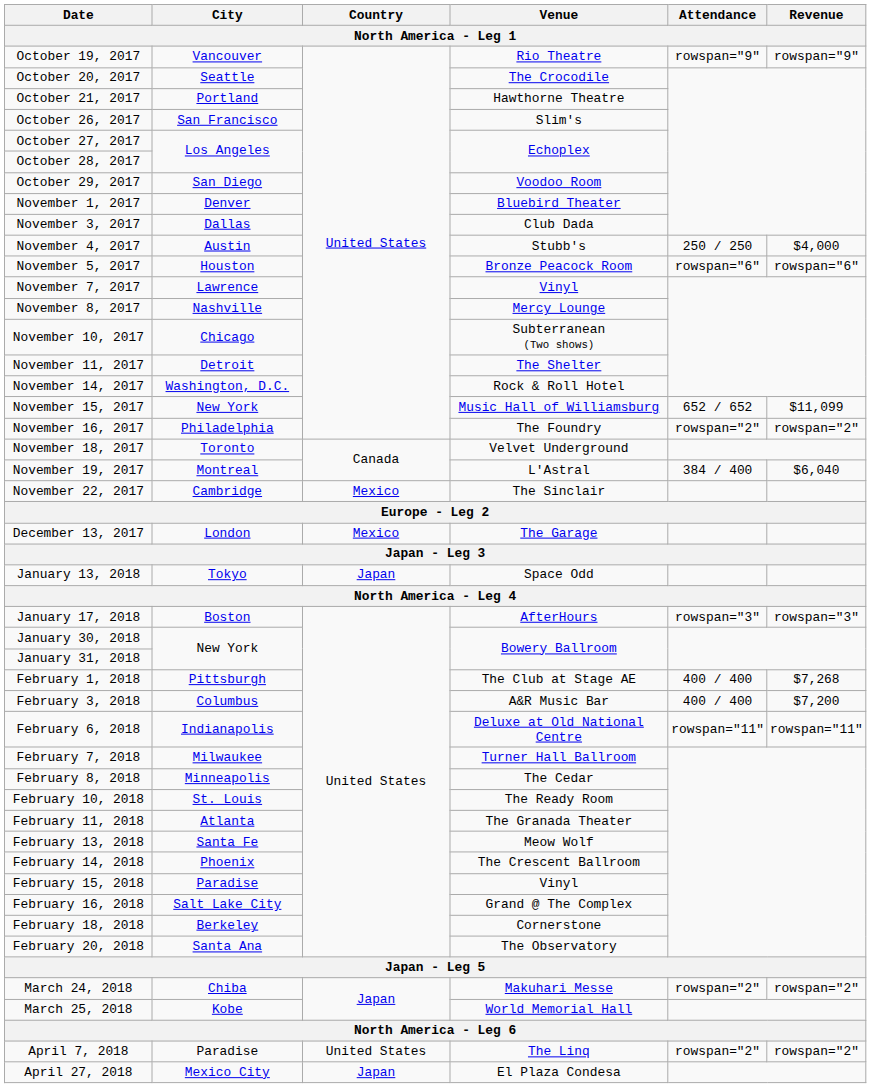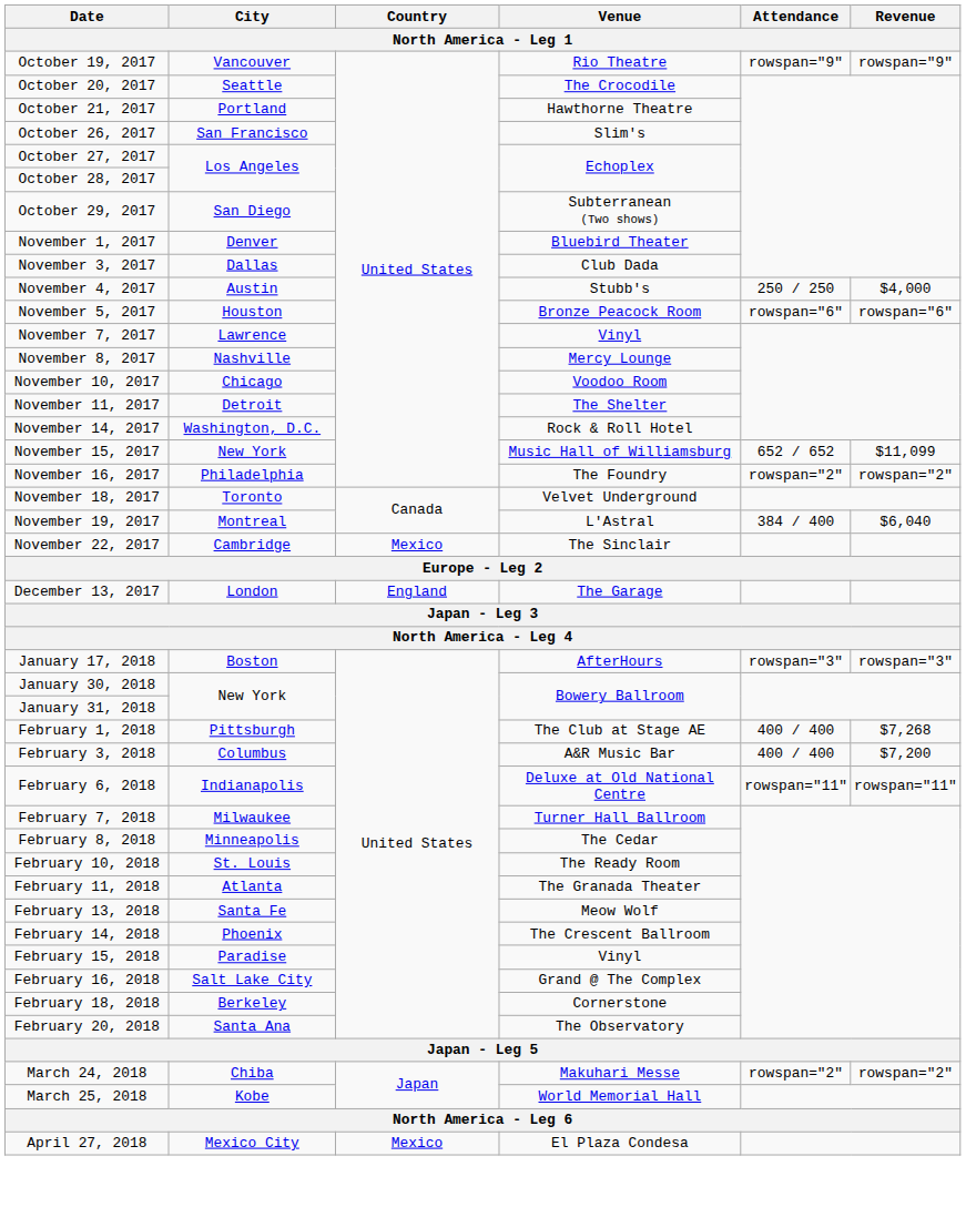 <table class="wikitable" style="text-align:center;">
 <tr>
 <th style="width:150px;">Date</th>
 <th style="width:150px;">City</th>
 <th style="width:150px;">Country</th>
 <th style="width:225px;">Venue</th>
 <th>Attendance</th>
 <th>Revenue</th>
 </tr>
 <tr>
 <th colspan="6">North America - Leg 1</th>
 </tr>
 <tr>
 <td>October 19, 2017</td>
 <td><a href='#'>Vancouver</a></td>
 <td rowspan="18"><a href='#'>United States</a></td>
 <td><a href='#'>Rio Theatre</a></td>
 <td>rowspan="9" </td>
 <td>rowspan="9" </td>
 </tr>
 <tr>
 <td>October 20, 2017</td>
 <td><a href='#'>Seattle</a></td>
 <td><a href='#'>The Crocodile</a></td>
 </tr>
 <tr>
 <td>October 21, 2017</td>
 <td><a href='#'>Portland</a></td>
 <td>Hawthorne Theatre</td>
 </tr>
 <tr>
 <td>October 26, 2017</td>
 <td><a href='#'>San Francisco</a></td>
 <td>Slim's</td>
 </tr>
 <tr>
 <td>October 27, 2017</td>
 <td rowspan="2"><a href='#'>Los Angeles</a></td>
 <td rowspan="2"><a href='#'>Echoplex</a></td>
 </tr>
 <tr>
 <td>October 28, 2017</td>
 </tr>
 <tr>
 <td>October 29, 2017</td>
 <td><a href='#'>San Diego</a></td>
-<td><a href='#'>Voodoo Room</a></td>
+<td>Subterranean<br><small>(Two shows)</small></td>
 </tr>
 <tr>
 <td>November 1, 2017</td>
 <td><a href='#'>Denver</a></td>
 <td><a href='#'>Bluebird Theater</a></td>
 </tr>
 <tr>
 <td>November 3, 2017</td>
 <td><a href='#'>Dallas</a></td>
 <td>Club Dada</td>
 </tr>
 <tr>
 <td>November 4, 2017</td>
 <td><a href='#'>Austin</a></td>
 <td>Stubb's</td>
 <td>250 / 250</td>
 <td>$4,000</td>
 </tr>
 <tr>
 <td>November 5, 2017</td>
 <td><a href='#'>Houston</a></td>
 <td><a href='#'>Bronze Peacock Room</a></td>
 <td>rowspan="6" </td>
 <td>rowspan="6" </td>
 </tr>
 <tr>
 <td>November 7, 2017</td>
 <td><a href='#'>Lawrence</a></td>
 <td><a href='#'>Vinyl</a></td>
 </tr>
 <tr>
 <td>November 8, 2017</td>
 <td><a href='#'>Nashville</a></td>
 <td><a href='#'>Mercy Lounge</a></td>
 </tr>
 <tr>
 <td>November 10, 2017</td>
 <td><a href='#'>Chicago</a></td>
-<td>Subterranean<br><small>(Two shows)</small></td>
+<td><a href='#'>Voodoo Room</a></td>
 </tr>
 <tr>
 <td>November 11, 2017</td>
 <td><a href='#'>Detroit</a></td>
 <td><a href='#'>The Shelter</a></td>
 </tr>
 <tr>
 <td>November 14, 2017</td>
 <td><a href='#'>Washington, D.C.</a></td>
 <td>Rock & Roll Hotel</td>
 </tr>
 <tr>
 <td>November 15, 2017</td>
 <td><a href='#'>New York</a></td>
 <td><a href='#'>Music Hall of Williamsburg</a></td>
 <td>652 / 652</td>
 <td>$11,099</td>
 </tr>
 <tr>
 <td>November 16, 2017</td>
 <td><a href='#'>Philadelphia</a></td>
 <td>The Foundry</td>
 <td>rowspan="2" </td>
 <td>rowspan="2" </td>
 </tr>
 <tr>
 <td>November 18, 2017</td>
 <td><a href='#'>Toronto</a></td>
 <td rowspan="2">Canada</td>
 <td>Velvet Underground</td>
 </tr>
 <tr>
 <td>November 19, 2017</td>
 <td><a href='#'>Montreal</a></td>
 <td>L'Astral</td>
 <td>384 / 400</td>
 <td>$6,040</td>
 </tr>
 <tr>
 <td>November 22, 2017</td>
 <td><a href='#'>Cambridge</a></td>
 <td><a href='#'>Mexico</a></td>
 <td>The Sinclair</td>
 <td></td>
 <td></td>
 </tr>
 <tr>
 <th colspan="6">Europe - Leg 2</th>
 </tr>
 <tr>
 <td>December 13, 2017</td>
 <td><a href='#'>London</a></td>
-<td><a href='#'>Mexico</a></td>
+<td><a href='#'>England</a></td>
 <td><a href='#'>The Garage</a></td>
 <td></td>
 <td></td>
 </tr>
 <tr>
 <th colspan="6">Japan - Leg 3</th>
-</tr>
-<tr>
-<td>January 13, 2018</td>
-<td><a href='#'>Tokyo</a></td>
-<td><a href='#'>Japan</a></td>
-<td>Space Odd</td>
-<td></td>
-<td></td>
 </tr>
 <tr>
 <th colspan="6">North America - Leg 4</th>
 </tr>
 <tr>
 <td>January 17, 2018</td>
 <td><a href='#'>Boston</a></td>
 <td rowspan="16">United States</td>
 <td><a href='#'>AfterHours</a></td>
 <td>rowspan="3" </td>
 <td>rowspan="3" </td>
 </tr>
 <tr>
 <td>January 30, 2018</td>
 <td rowspan="2">New York</td>
 <td rowspan="2"><a href='#'>Bowery Ballroom</a></td>
 </tr>
 <tr>
 <td>January 31, 2018</td>
 </tr>
 <tr>
 <td>February 1, 2018</td>
 <td><a href='#'>Pittsburgh</a></td>
 <td>The Club at Stage AE</td>
 <td>400 / 400</td>
 <td>$7,268</td>
 </tr>
 <tr>
 <td>February 3, 2018</td>
 <td><a href='#'>Columbus</a></td>
 <td>A&R Music Bar</td>
 <td>400 / 400</td>
 <td>$7,200</td>
 </tr>
 <tr>
 <td>February 6, 2018</td>
 <td><a href='#'>Indianapolis</a></td>
 <td><a href='#'>Deluxe at Old National Centre</a></td>
 <td>rowspan="11" </td>
 <td>rowspan="11" </td>
 </tr>
 <tr>
 <td>February 7, 2018</td>
 <td><a href='#'>Milwaukee</a></td>
 <td><a href='#'>Turner Hall Ballroom</a></td>
 </tr>
 <tr>
 <td>February 8, 2018</td>
 <td><a href='#'>Minneapolis</a></td>
 <td>The Cedar</td>
 </tr>
 <tr>
 <td>February 10, 2018</td>
 <td><a href='#'>St. Louis</a></td>
 <td>The Ready Room</td>
 </tr>
 <tr>
 <td>February 11, 2018</td>
 <td><a href='#'>Atlanta</a></td>
 <td>The Granada Theater</td>
 </tr>
 <tr>
 <td>February 13, 2018</td>
 <td><a href='#'>Santa Fe</a></td>
 <td>Meow Wolf</td>
 </tr>
 <tr>
 <td>February 14, 2018</td>
 <td><a href='#'>Phoenix</a></td>
 <td>The Crescent Ballroom</td>
 </tr>
 <tr>
 <td>February 15, 2018</td>
 <td><a href='#'>Paradise</a></td>
 <td>Vinyl</td>
 </tr>
 <tr>
 <td>February 16, 2018</td>
 <td><a href='#'>Salt Lake City</a></td>
 <td>Grand @ The Complex</td>
 </tr>
 <tr>
 <td>February 18, 2018</td>
 <td><a href='#'>Berkeley</a></td>
 <td>Cornerstone</td>
 </tr>
 <tr>
 <td>February 20, 2018</td>
 <td><a href='#'>Santa Ana</a></td>
 <td>The Observatory</td>
 </tr>
 <tr>
 <th colspan="6">Japan - Leg 5</th>
 </tr>
 <tr>
 <td>March 24, 2018</td>
 <td><a href='#'>Chiba</a></td>
 <td rowspan="2"><a href='#'>Japan</a></td>
 <td><a href='#'>Makuhari Messe</a></td>
 <td>rowspan="2" </td>
 <td>rowspan="2" </td>
 </tr>
 <tr>
 <td>March 25, 2018</td>
 <td><a href='#'>Kobe</a></td>
 <td><a href='#'>World Memorial Hall</a></td>
 </tr>
 <tr>
 <th colspan="6">North America - Leg 6</th>
 </tr>
 <tr>
-<td>April 7, 2018</td>
-<td>Paradise</td>
-<td>United States</td>
-<td><a href='#'>The Linq</a></td>
-<td>rowspan="2" </td>
-<td>rowspan="2" </td>
-</tr>
-<tr>
 <td>April 27, 2018</td>
 <td><a href='#'>Mexico City</a></td>
-<td><a href='#'>Japan</a></td>
+<td><a href='#'>Mexico</a></td>
 <td>El Plaza Condesa</td>
 </tr>
 </table>
